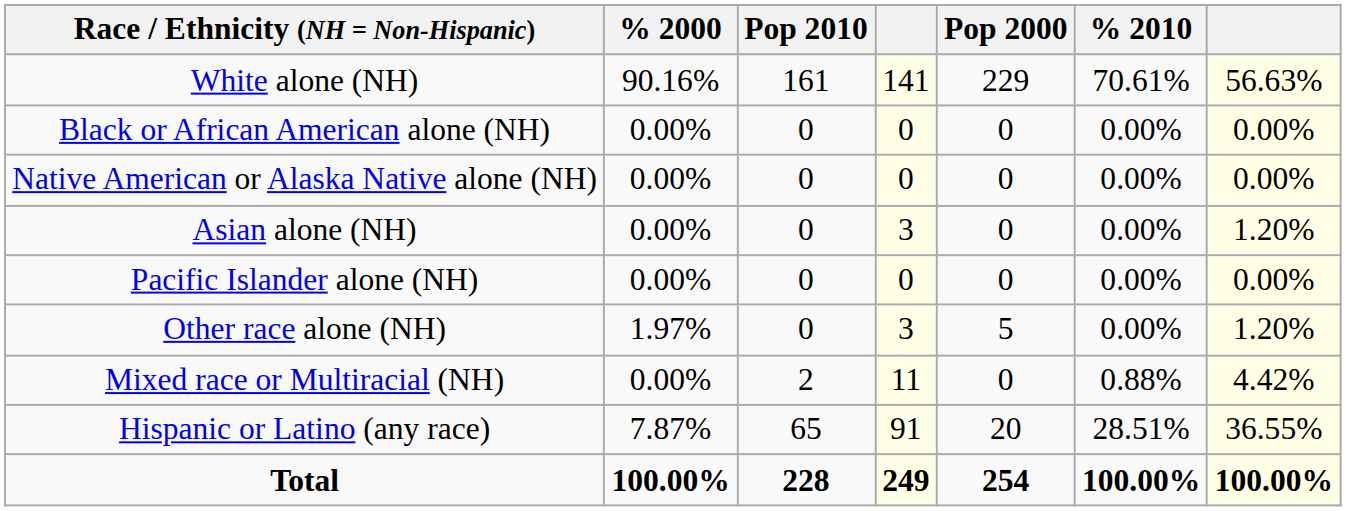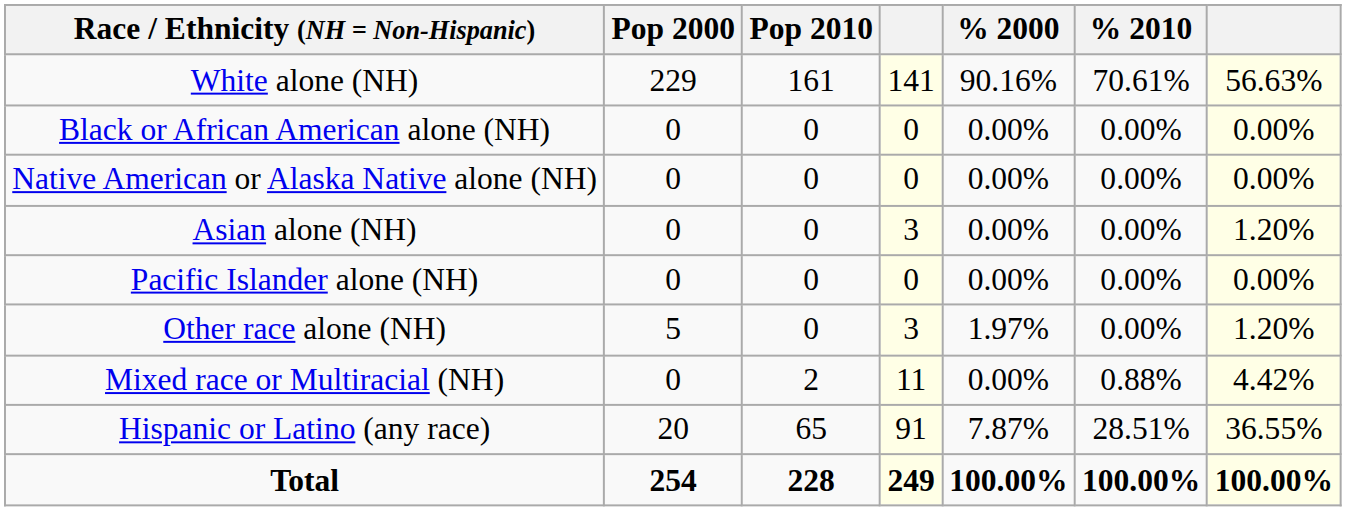 <table class="wikitable" style="text-align:center;">
 <tr>
 <th>Race / Ethnicity <small>(<em>NH = Non-Hispanic</em>)</small></th>
-<th>% 2000</th>
+<th>Pop 2000</th>
 <th>Pop 2010</th>
 <th></th>
-<th>Pop 2000</th>
+<th>% 2000</th>
 <th>% 2010</th>
 <th></th>
 </tr>
 <tr>
 <td><a href='#'>White</a> alone (NH)</td>
-<td>90.16%</td>
+<td>229</td>
 <td>161</td>
 <td style='background: #ffffe6;'>141</td>
-<td>229</td>
+<td>90.16%</td>
 <td>70.61%</td>
 <td style='background: #ffffe6;'>56.63%</td>
 </tr>
 <tr>
 <td><a href='#'>Black or African American</a> alone (NH)</td>
-<td>0.00%</td>
+<td>0</td>
 <td>0</td>
 <td style='background: #ffffe6;'>0</td>
-<td>0</td>
+<td>0.00%</td>
 <td>0.00%</td>
 <td style='background: #ffffe6;'>0.00%</td>
 </tr>
 <tr>
 <td><a href='#'>Native American</a> or <a href='#'>Alaska Native</a> alone (NH)</td>
-<td>0.00%</td>
+<td>0</td>
 <td>0</td>
 <td style='background: #ffffe6;'>0</td>
-<td>0</td>
+<td>0.00%</td>
 <td>0.00%</td>
 <td style='background: #ffffe6;'>0.00%</td>
 </tr>
 <tr>
 <td><a href='#'>Asian</a> alone (NH)</td>
-<td>0.00%</td>
+<td>0</td>
 <td>0</td>
 <td style='background: #ffffe6;'>3</td>
-<td>0</td>
+<td>0.00%</td>
 <td>0.00%</td>
 <td style='background: #ffffe6;'>1.20%</td>
 </tr>
 <tr>
 <td><a href='#'>Pacific Islander</a> alone (NH)</td>
-<td>0.00%</td>
+<td>0</td>
 <td>0</td>
 <td style='background: #ffffe6;'>0</td>
-<td>0</td>
+<td>0.00%</td>
 <td>0.00%</td>
 <td style='background: #ffffe6;'>0.00%</td>
 </tr>
 <tr>
 <td><a href='#'>Other race</a> alone (NH)</td>
-<td>1.97%</td>
+<td>5</td>
 <td>0</td>
 <td style='background: #ffffe6;'>3</td>
-<td>5</td>
+<td>1.97%</td>
 <td>0.00%</td>
 <td style='background: #ffffe6;'>1.20%</td>
 </tr>
 <tr>
 <td><a href='#'>Mixed race or Multiracial</a> (NH)</td>
-<td>0.00%</td>
+<td>0</td>
 <td>2</td>
 <td style='background: #ffffe6;'>11</td>
-<td>0</td>
+<td>0.00%</td>
 <td>0.88%</td>
 <td style='background: #ffffe6;'>4.42%</td>
 </tr>
 <tr>
 <td><a href='#'>Hispanic or Latino</a> (any race)</td>
-<td>7.87%</td>
+<td>20</td>
 <td>65</td>
 <td style='background: #ffffe6;'>91</td>
-<td>20</td>
+<td>7.87%</td>
 <td>28.51%</td>
 <td style='background: #ffffe6;'>36.55%</td>
 </tr>
 <tr>
 <td><strong>Total</strong></td>
-<td><strong>100.00%</strong></td>
+<td><strong>254</strong></td>
 <td><strong>228</strong></td>
 <td style='background: #ffffe6;'><strong>249</strong></td>
-<td><strong>254</strong></td>
+<td><strong>100.00%</strong></td>
 <td><strong>100.00%</strong></td>
 <td style='background: #ffffe6;'><strong>100.00%</strong></td>
 </tr>
 </table>
